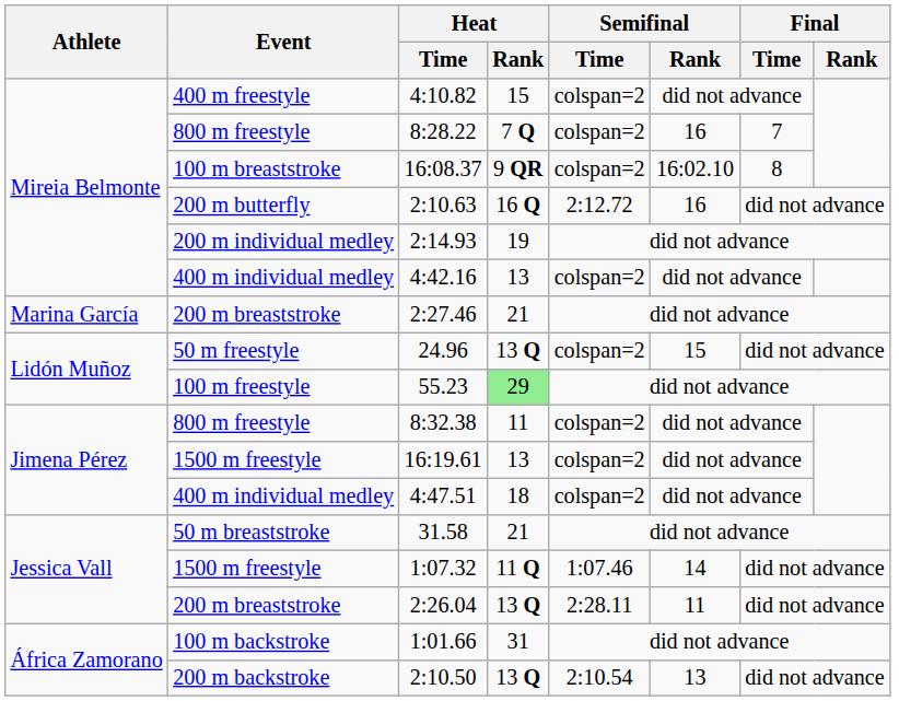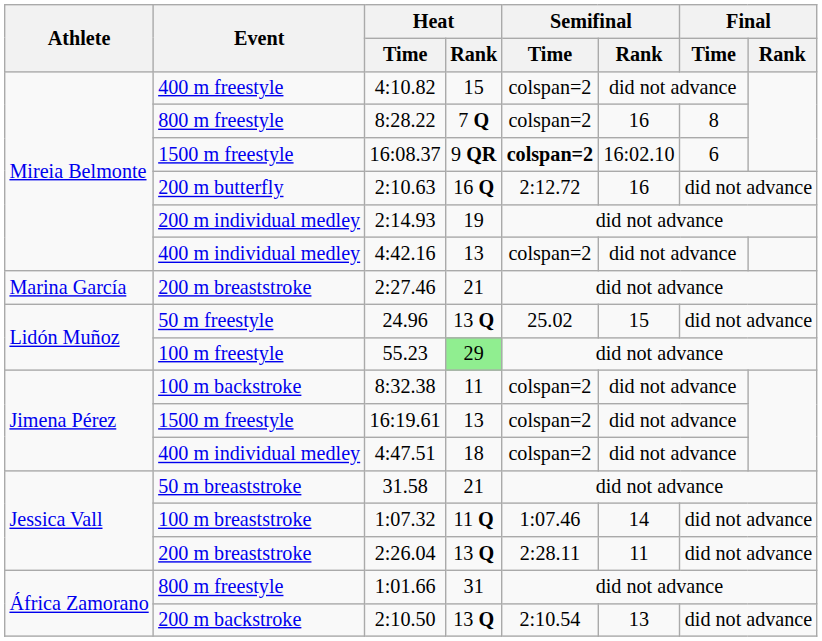 <table class="wikitable" style="font-size:90%;">
 <tr>
 <th rowspan="2">Athlete</th>
 <th rowspan="2">Event</th>
 <th colspan="2">Heat</th>
 <th colspan="2">Semifinal</th>
 <th colspan="2">Final</th>
 </tr>
 <tr>
 <th>Time</th>
 <th>Rank</th>
 <th>Time</th>
 <th>Rank</th>
 <th>Time</th>
 <th>Rank</th>
 </tr>
 <tr align=center>
 <td rowspan="6" align=left><a href='#'>Mireia Belmonte</a></td>
 <td align=left><a href='#'>400 m freestyle</a></td>
 <td>4:10.82</td>
 <td>15</td>
 <td>colspan=2 </td>
 <td colspan=2>did not advance</td>
 </tr>
 <tr align=center>
 <td align=left><a href='#'>800 m freestyle</a></td>
 <td>8:28.22</td>
 <td>7 <strong>Q</strong></td>
 <td>colspan=2 </td>
 <td>16</td>
-<td>7</td>
+<td>8</td>
 </tr>
 <tr align=center>
-<td align=left><a href='#'>100 m breaststroke</a></td>
+<td align=left><a href='#'>1500 m freestyle</a></td>
 <td>16:08.37</td>
 <td>9 <strong>QR</strong></td>
-<td>colspan=2 </td>
+<td><strong>colspan=2 </strong></td>
 <td>16:02.10</td>
-<td>8</td>
+<td>6</td>
 </tr>
 <tr align=center>
 <td align=left><a href='#'>200 m butterfly</a></td>
 <td>2:10.63</td>
 <td>16 <strong>Q</strong></td>
 <td>2:12.72</td>
 <td>16</td>
 <td colspan=2>did not advance</td>
 </tr>
 <tr align=center>
 <td align=left><a href='#'>200 m individual medley</a></td>
 <td>2:14.93</td>
 <td>19</td>
 <td colspan=4>did not advance</td>
 </tr>
 <tr align=center>
 <td align=left><a href='#'>400 m individual medley</a></td>
 <td>4:42.16</td>
 <td>13</td>
 <td>colspan=2 </td>
 <td colspan=2>did not advance</td>
 </tr>
 <tr align=center>
 <td align=left><a href='#'>Marina García</a></td>
 <td align=left><a href='#'>200 m breaststroke</a></td>
 <td>2:27.46</td>
 <td>21</td>
 <td colspan=4>did not advance</td>
 </tr>
 <tr align=center>
 <td rowspan="2" align=left><a href='#'>Lidón Muñoz</a></td>
 <td align=left><a href='#'>50 m freestyle</a></td>
 <td>24.96</td>
 <td>13 <strong>Q</strong></td>
-<td>colspan=2 </td>
+<td>25.02</td>
 <td>15</td>
 <td colspan=2>did not advance</td>
 </tr>
 <tr align=center>
 <td align=left><a href='#'>100 m freestyle</a></td>
 <td>55.23</td>
 <td style="background: lightgreen;">29</td>
 <td colspan=4>did not advance</td>
 </tr>
 <tr align=center>
 <td rowspan="3" align=left><a href='#'>Jimena Pérez</a></td>
-<td align=left><a href='#'>800 m freestyle</a></td>
+<td align=left><a href='#'>100 m backstroke</a></td>
 <td>8:32.38</td>
 <td>11</td>
 <td>colspan=2 </td>
 <td colspan=2>did not advance</td>
 </tr>
 <tr align=center>
 <td align=left><a href='#'>1500 m freestyle</a></td>
 <td>16:19.61</td>
 <td>13</td>
 <td>colspan=2 </td>
 <td colspan=2>did not advance</td>
 </tr>
 <tr align=center>
 <td align=left><a href='#'>400 m individual medley</a></td>
 <td>4:47.51</td>
 <td>18</td>
 <td>colspan=2 </td>
 <td colspan=2>did not advance</td>
 </tr>
 <tr align=center>
 <td rowspan="3" align=left><a href='#'>Jessica Vall</a></td>
 <td align=left><a href='#'>50 m breaststroke</a></td>
 <td>31.58</td>
 <td>21</td>
 <td colspan=4>did not advance</td>
 </tr>
 <tr align=center>
-<td align=left><a href='#'>1500 m freestyle</a></td>
+<td align=left><a href='#'>100 m breaststroke</a></td>
 <td>1:07.32</td>
 <td>11 <strong>Q</strong></td>
 <td>1:07.46</td>
 <td>14</td>
 <td colspan=2>did not advance</td>
 </tr>
 <tr align=center>
 <td align=left><a href='#'>200 m breaststroke</a></td>
 <td>2:26.04</td>
 <td>13 <strong>Q</strong></td>
 <td>2:28.11</td>
 <td>11</td>
 <td colspan=2>did not advance</td>
 </tr>
 <tr align=center>
 <td rowspan="2" align=left><a href='#'>África Zamorano</a></td>
-<td align=left><a href='#'>100 m backstroke</a></td>
+<td align=left><a href='#'>800 m freestyle</a></td>
 <td>1:01.66</td>
 <td>31</td>
 <td colspan=4>did not advance</td>
 </tr>
 <tr align=center>
 <td align=left><a href='#'>200 m backstroke</a></td>
 <td>2:10.50</td>
 <td>13 <strong>Q</strong></td>
 <td>2:10.54</td>
 <td>13</td>
 <td colspan=2>did not advance</td>
 </tr>
 </table>
